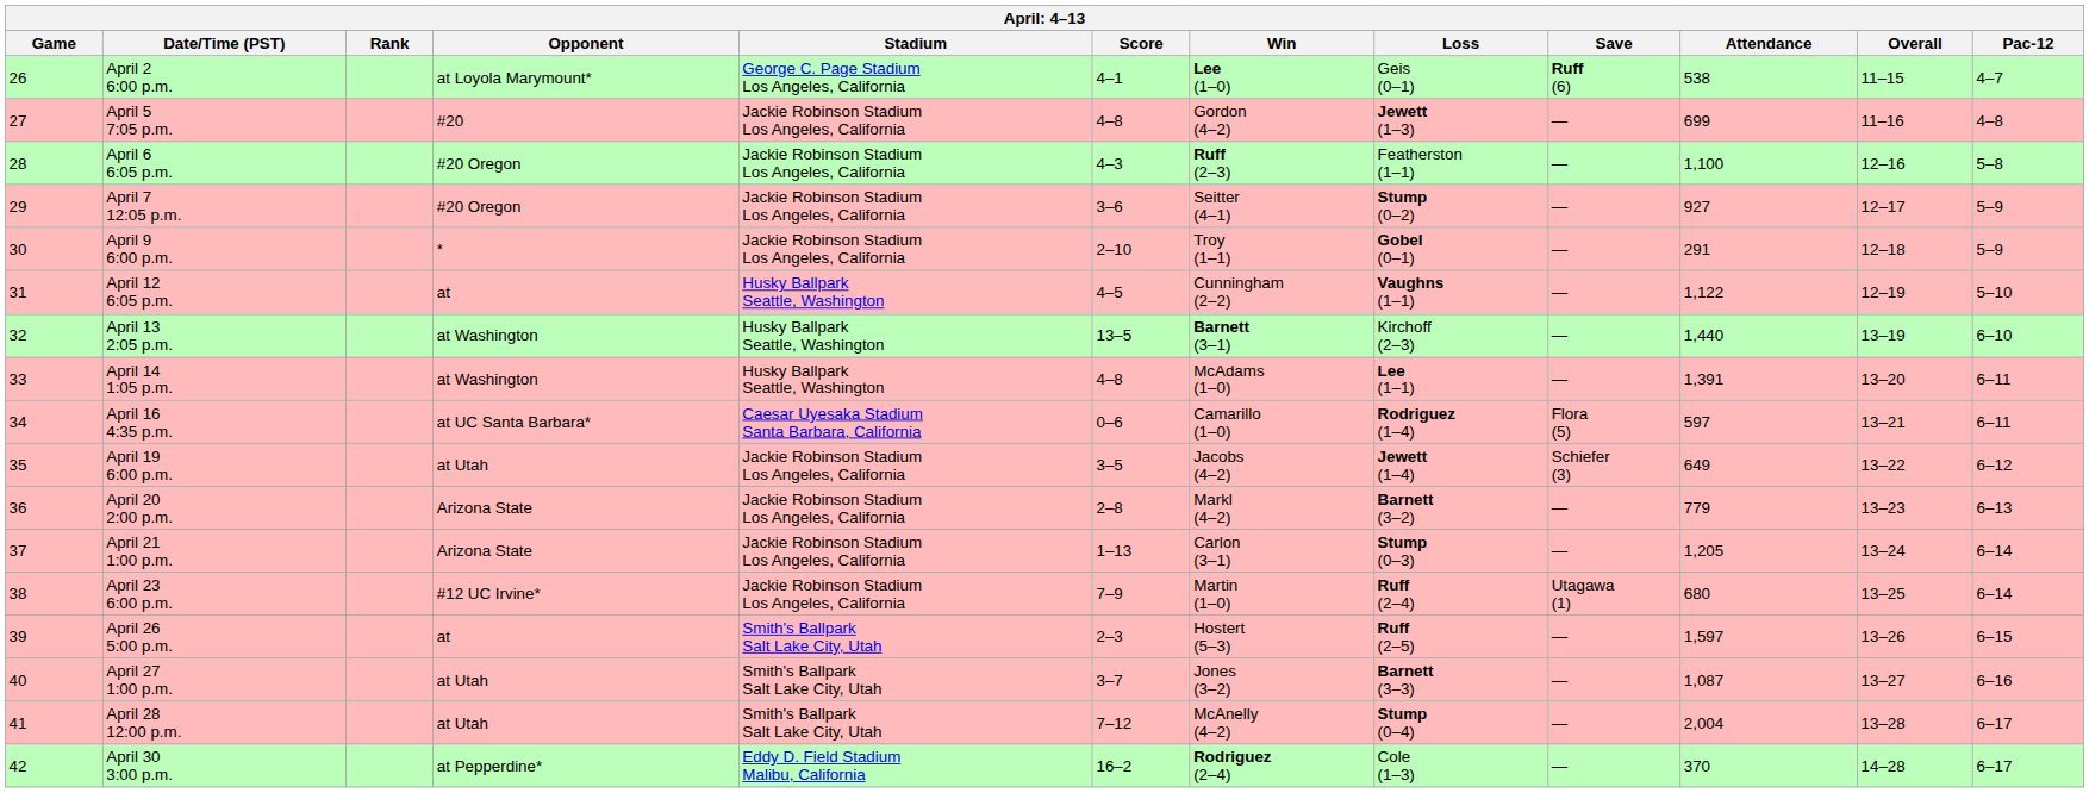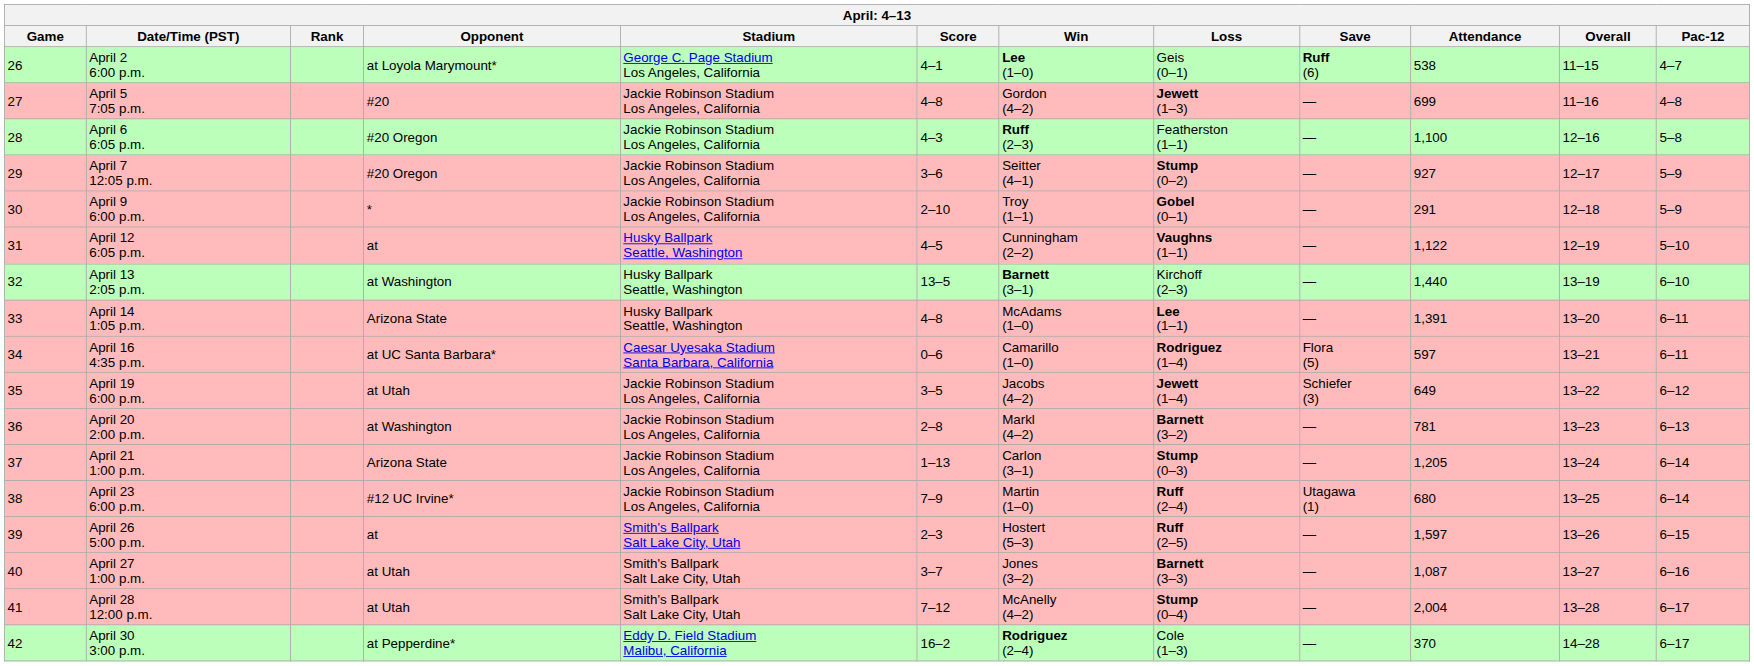 <table class="wikitable collapsible collapsed" style="margin:auto; font-size:95%; width:100%">
 <tr>
 <th colspan=12>April: 4–13</th>
 </tr>
 <tr>
 <th>Game</th>
 <th>Date/Time (PST)</th>
 <th>Rank</th>
 <th>Opponent</th>
 <th>Stadium</th>
 <th>Score</th>
 <th>Win</th>
 <th>Loss</th>
 <th>Save</th>
 <th>Attendance</th>
 <th>Overall</th>
 <th>Pac-12</th>
 </tr>
 <tr style="background:#bfb;">
 <td>26</td>
 <td>April 2<br>6:00 p.m.</td>
 <td></td>
 <td>at Loyola Marymount*</td>
 <td><a href='#'>George C. Page Stadium</a><br>Los Angeles, California</td>
 <td>4–1</td>
 <td><strong>Lee</strong> <br>(1–0)</td>
 <td>Geis<br>(0–1)</td>
 <td><strong>Ruff</strong><br>(6)</td>
 <td>538</td>
 <td>11–15</td>
 <td>4–7</td>
 </tr>
 <tr style="background:#fbb;">
 <td>27</td>
 <td>April 5<br>7:05 p.m.</td>
 <td></td>
 <td>#20 </td>
 <td>Jackie Robinson Stadium<br>Los Angeles, California</td>
 <td>4–8</td>
 <td>Gordon<br>(4–2)</td>
 <td><strong>Jewett</strong><br>(1–3)</td>
 <td>—</td>
 <td>699</td>
 <td>11–16</td>
 <td>4–8</td>
 </tr>
 <tr style="background:#bfb;">
 <td>28</td>
 <td>April 6<br>6:05 p.m.</td>
 <td></td>
 <td>#20  Oregon</td>
 <td>Jackie Robinson Stadium<br>Los Angeles, California</td>
 <td>4–3<br></td>
 <td><strong>Ruff</strong><br>(2–3)</td>
 <td>Featherston<br>(1–1)</td>
 <td>—</td>
 <td>1,100</td>
 <td>12–16</td>
 <td>5–8</td>
 </tr>
 <tr style="background:#fbb;">
 <td>29</td>
 <td>April 7<br>12:05 p.m.</td>
 <td></td>
 <td>#20  Oregon</td>
 <td>Jackie Robinson Stadium<br>Los Angeles, California</td>
 <td>3–6</td>
 <td>Seitter<br>(4–1)</td>
 <td><strong>Stump</strong><br>(0–2)</td>
 <td>—</td>
 <td>927</td>
 <td>12–17</td>
 <td>5–9</td>
 </tr>
 <tr style="background:#fbb;">
 <td>30</td>
 <td>April 9<br>6:00 p.m.</td>
 <td></td>
 <td>*</td>
 <td>Jackie Robinson Stadium<br>Los Angeles, California</td>
 <td>2–10</td>
 <td>Troy<br>(1–1)</td>
 <td><strong>Gobel</strong><br>(0–1)</td>
 <td>—</td>
 <td>291</td>
 <td>12–18</td>
 <td>5–9</td>
 </tr>
 <tr style="background:#fbb;">
 <td>31</td>
 <td>April 12<br>6:05 p.m.</td>
 <td></td>
 <td>at </td>
 <td><a href='#'>Husky Ballpark</a><br><a href='#'>Seattle, Washington</a></td>
 <td>4–5</td>
 <td>Cunningham<br> (2–2)</td>
 <td><strong>Vaughns</strong><br>(1–1)</td>
 <td>—</td>
 <td>1,122</td>
 <td>12–19</td>
 <td>5–10</td>
 </tr>
 <tr style="background:#bfb;">
 <td>32</td>
 <td>April 13<br>2:05 p.m.</td>
 <td></td>
 <td>at Washington</td>
 <td>Husky Ballpark<br>Seattle, Washington</td>
 <td>13–5</td>
 <td><strong>Barnett</strong><br>(3–1)</td>
 <td>Kirchoff<br>(2–3)</td>
 <td>—</td>
 <td>1,440</td>
 <td>13–19</td>
 <td>6–10</td>
 </tr>
 <tr style="background:#fbb;">
 <td>33</td>
 <td>April 14<br>1:05 p.m.</td>
 <td></td>
-<td>at Washington</td>
+<td>Arizona State</td>
 <td>Husky Ballpark<br>Seattle, Washington</td>
 <td>4–8</td>
 <td>McAdams <br>(1–0)</td>
 <td><strong>Lee</strong><br>(1–1)</td>
 <td>—</td>
 <td>1,391</td>
 <td>13–20</td>
 <td>6–11</td>
 </tr>
 <tr style="background:#fbb;">
 <td>34</td>
 <td>April 16<br>4:35 p.m.</td>
 <td></td>
 <td>at UC Santa Barbara*</td>
 <td><a href='#'>Caesar Uyesaka Stadium</a><br><a href='#'>Santa Barbara, California</a></td>
 <td>0–6</td>
 <td>Camarillo<br>(1–0)</td>
 <td><strong>Rodriguez</strong><br>(1–4)</td>
 <td>Flora<br>(5)</td>
 <td>597</td>
 <td>13–21</td>
 <td>6–11</td>
 </tr>
 <tr style="background:#fbb;">
 <td>35</td>
 <td>April 19<br>6:00 p.m.</td>
 <td></td>
 <td>at Utah</td>
 <td>Jackie Robinson Stadium<br>Los Angeles, California</td>
 <td>3–5</td>
 <td>Jacobs<br>(4–2)</td>
 <td><strong>Jewett</strong><br>(1–4)</td>
 <td>Schiefer<br>(3)</td>
 <td>649</td>
 <td>13–22</td>
 <td>6–12</td>
 </tr>
 <tr style="background:#fbb;">
 <td>36</td>
 <td>April 20<br>2:00 p.m.</td>
 <td></td>
-<td>Arizona State</td>
+<td>at Washington</td>
 <td>Jackie Robinson Stadium<br>Los Angeles, California</td>
 <td>2–8</td>
 <td>Markl<br>(4–2)</td>
 <td><strong>Barnett</strong><br>(3–2)</td>
 <td>—</td>
-<td>779</td>
+<td>781</td>
 <td>13–23</td>
 <td>6–13</td>
 </tr>
 <tr style="background:#fbb;">
 <td>37</td>
 <td>April 21<br>1:00 p.m.</td>
 <td></td>
 <td>Arizona State</td>
 <td>Jackie Robinson Stadium<br>Los Angeles, California</td>
 <td>1–13</td>
 <td>Carlon<br>(3–1)</td>
 <td><strong>Stump</strong><br>(0–3)</td>
 <td>—</td>
 <td>1,205</td>
 <td>13–24</td>
 <td>6–14</td>
 </tr>
 <tr style="background:#fbb;">
 <td>38</td>
 <td>April 23<br>6:00 p.m.</td>
 <td></td>
 <td>#12 UC Irvine*</td>
 <td>Jackie Robinson Stadium<br>Los Angeles, California</td>
 <td>7–9</td>
 <td>Martin<br>(1–0)</td>
 <td><strong>Ruff</strong><br>(2–4)</td>
 <td>Utagawa<br>(1)</td>
 <td>680</td>
 <td>13–25</td>
 <td>6–14</td>
 </tr>
 <tr style="background:#fbb;">
 <td>39</td>
 <td>April 26<br>5:00 p.m.</td>
 <td></td>
 <td>at </td>
 <td><a href='#'>Smith's Ballpark</a><br><a href='#'>Salt Lake City, Utah</a></td>
 <td>2–3<br></td>
 <td>Hostert<br>(5–3)</td>
 <td><strong>Ruff</strong><br>(2–5)</td>
 <td>—</td>
 <td>1,597</td>
 <td>13–26</td>
 <td>6–15</td>
 </tr>
 <tr style="background:#fbb;">
 <td>40</td>
 <td>April 27<br>1:00 p.m.</td>
 <td></td>
 <td>at Utah</td>
 <td>Smith's Ballpark<br>Salt Lake City, Utah</td>
 <td>3–7</td>
 <td>Jones<br>(3–2)</td>
 <td><strong>Barnett</strong><br>(3–3)</td>
 <td>—</td>
 <td>1,087</td>
 <td>13–27</td>
 <td>6–16</td>
 </tr>
 <tr style="background:#fbb;">
 <td>41</td>
 <td>April 28<br>12:00 p.m.</td>
 <td></td>
 <td>at Utah</td>
 <td>Smith's Ballpark<br>Salt Lake City, Utah</td>
 <td>7–12</td>
 <td>McAnelly<br>(4–2)</td>
 <td><strong>Stump</strong><br>(0–4)</td>
 <td>—</td>
 <td>2,004</td>
 <td>13–28</td>
 <td>6–17</td>
 </tr>
 <tr style="background:#bfb;">
 <td>42</td>
 <td>April 30<br>3:00 p.m.</td>
 <td></td>
 <td>at Pepperdine*</td>
 <td><a href='#'>Eddy D. Field Stadium</a><br><a href='#'>Malibu, California</a></td>
 <td>16–2</td>
 <td><strong>Rodriguez</strong><br>(2–4)</td>
 <td>Cole<br>(1–3)</td>
 <td>—</td>
 <td>370</td>
 <td>14–28</td>
 <td>6–17</td>
 </tr>
 </table>
